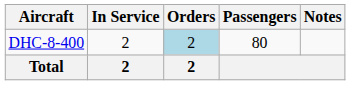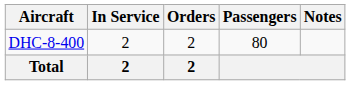 <table class="wikitable" style="margin:1em auto; border-collapse:collapse;text-align:center">
 <tr>
 <th>Aircraft</th>
 <th>In Service</th>
 <th>Orders</th>
 <th>Passengers</th>
 <th>Notes</th>
 </tr>
 <tr>
 <td><a href='#'>DHC-8-400</a></td>
 <td>2</td>
-<td style="background: lightblue;">2</td>
+<td>2</td>
 <td>80</td>
 <td></td>
 </tr>
 <tr>
 <th>Total</th>
 <th>2</th>
 <th>2</th>
 <th colspan="2"></th>
 </tr>
 </table>
